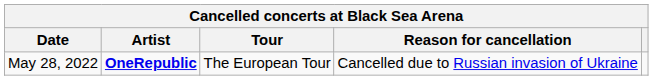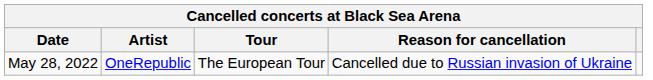 <table class="wikitable collapsible" style="text-align:center;">
 <tr>
 <th colspan=5>Cancelled concerts at Black Sea Arena</th>
 </tr>
 <tr>
 <th>Date</th>
 <th>Artist</th>
 <th>Tour</th>
 <th>Reason for cancellation</th>
 <th></th>
 </tr>
 <tr>
 <td>May 28, 2022</td>
-<td align=left><strong><a href='#'>OneRepublic</a></strong></td>
+<td align=left><a href='#'>OneRepublic</a></td>
 <td>The European Tour</td>
 <td>Cancelled due to <a href='#'>Russian invasion of Ukraine</a></td>
 <td></td>
 </tr>
 </table>
